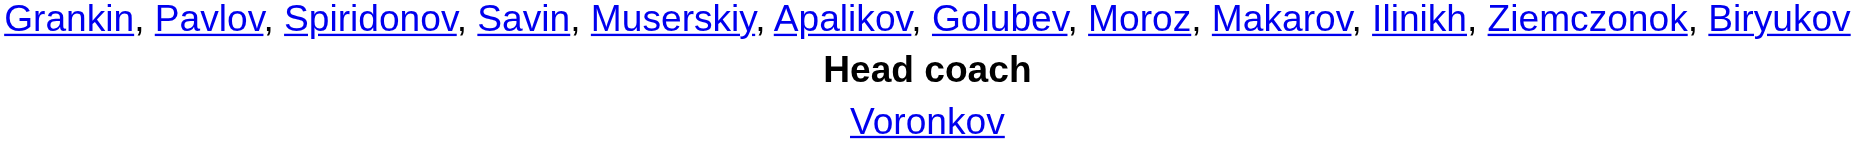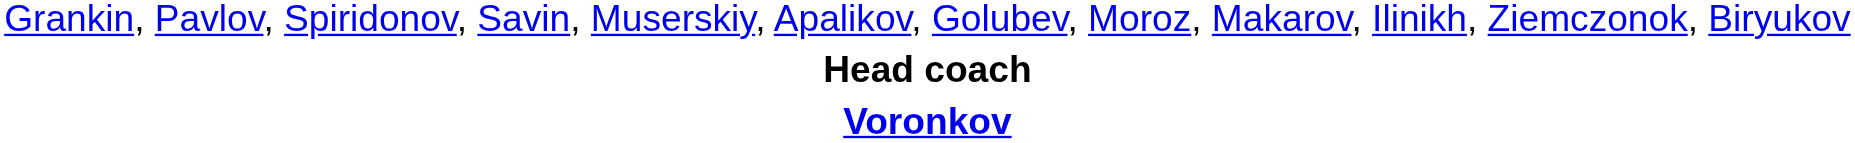 <table style="text-align: center; margin-top: 2em; margin-left: auto; margin-right: auto">
 <tr>
 <td><a href='#'>Grankin</a>, <a href='#'>Pavlov</a>, <a href='#'>Spiridonov</a>, <a href='#'>Savin</a>, <a href='#'>Muserskiy</a>, <a href='#'>Apalikov</a>, <a href='#'>Golubev</a>, <a href='#'>Moroz</a>, <a href='#'>Makarov</a>, <a href='#'>Ilinikh</a>, <a href='#'>Ziemczonok</a>, <a href='#'>Biryukov</a></td>
 </tr>
 <tr>
 <td><strong>Head coach</strong></td>
 </tr>
 <tr>
-<td><a href='#'>Voronkov</a></td>
+<td><strong><a href='#'>Voronkov</a></strong></td>
 </tr>
 </table>
